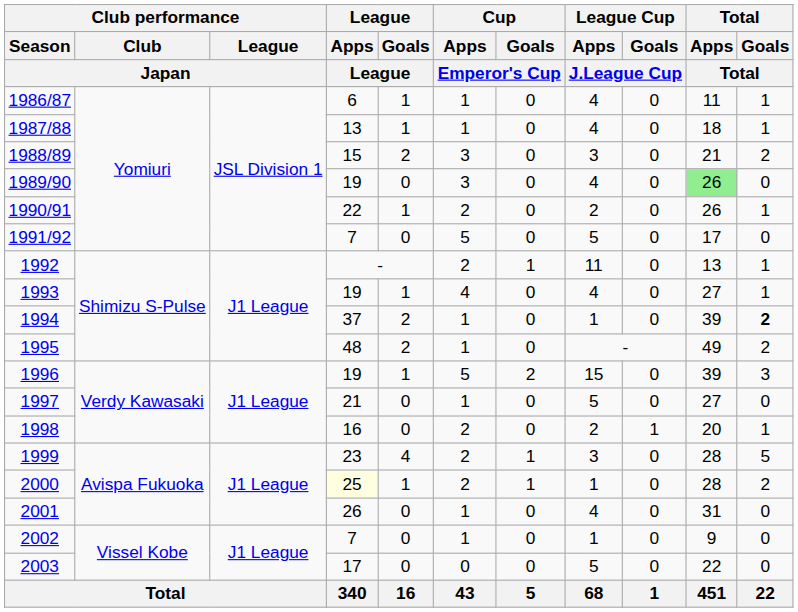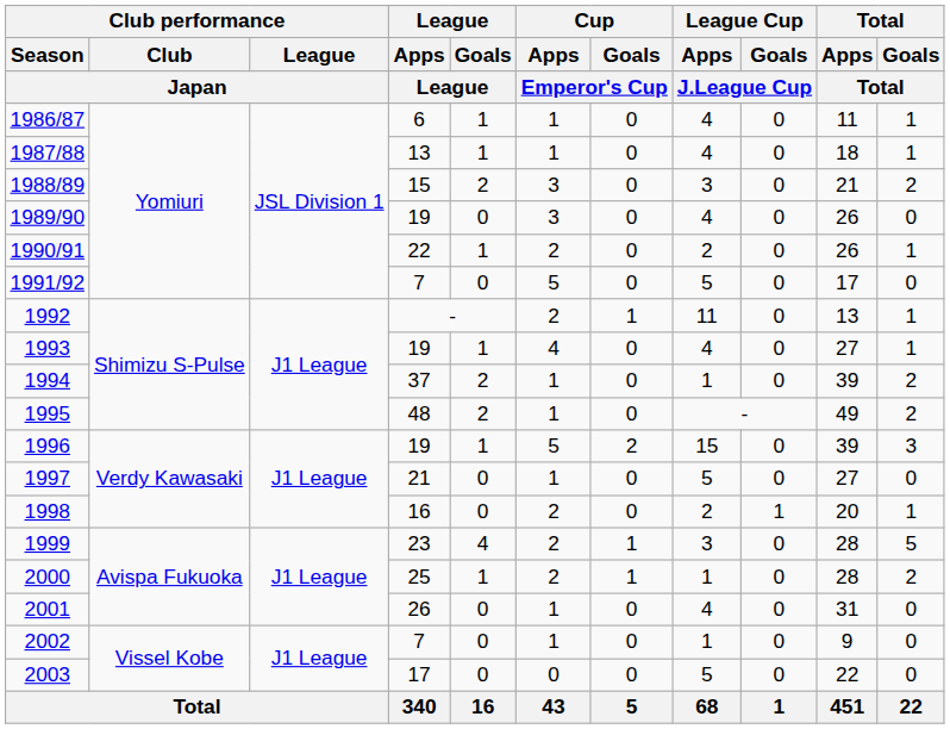 <table class="wikitable" style="text-align:center;">
 <tr>
 <th colspan=3>Club performance</th>
 <th colspan=2>League</th>
 <th colspan=2>Cup</th>
 <th colspan=2>League Cup</th>
 <th colspan=2>Total</th>
 </tr>
 <tr>
 <th>Season</th>
 <th>Club</th>
 <th>League</th>
 <th>Apps</th>
 <th>Goals</th>
 <th>Apps</th>
 <th>Goals</th>
 <th>Apps</th>
 <th>Goals</th>
 <th>Apps</th>
 <th>Goals</th>
 </tr>
 <tr>
 <th colspan=3>Japan</th>
 <th colspan=2>League</th>
 <th colspan=2><a href='#'>Emperor's Cup</a></th>
 <th colspan=2><a href='#'>J.League Cup</a></th>
 <th colspan=2>Total</th>
 </tr>
 <tr>
 <td><a href='#'>1986/87</a></td>
 <td rowspan="6"><a href='#'>Yomiuri</a></td>
 <td rowspan="6"><a href='#'>JSL Division 1</a></td>
 <td>6</td>
 <td>1</td>
 <td>1</td>
 <td>0</td>
 <td>4</td>
 <td>0</td>
 <td>11</td>
 <td>1</td>
 </tr>
 <tr>
 <td><a href='#'>1987/88</a></td>
 <td>13</td>
 <td>1</td>
 <td>1</td>
 <td>0</td>
 <td>4</td>
 <td>0</td>
 <td>18</td>
 <td>1</td>
 </tr>
 <tr>
 <td><a href='#'>1988/89</a></td>
 <td>15</td>
 <td>2</td>
 <td>3</td>
 <td>0</td>
 <td>3</td>
 <td>0</td>
 <td>21</td>
 <td>2</td>
 </tr>
 <tr>
 <td><a href='#'>1989/90</a></td>
 <td>19</td>
 <td>0</td>
 <td>3</td>
 <td>0</td>
 <td>4</td>
 <td>0</td>
-<td style="background: lightgreen;">26</td>
+<td>26</td>
 <td>0</td>
 </tr>
 <tr>
 <td><a href='#'>1990/91</a></td>
 <td>22</td>
 <td>1</td>
 <td>2</td>
 <td>0</td>
 <td>2</td>
 <td>0</td>
 <td>26</td>
 <td>1</td>
 </tr>
 <tr>
 <td><a href='#'>1991/92</a></td>
 <td>7</td>
 <td>0</td>
 <td>5</td>
 <td>0</td>
 <td>5</td>
 <td>0</td>
 <td>17</td>
 <td>0</td>
 </tr>
 <tr>
 <td><a href='#'>1992</a></td>
 <td rowspan="4"><a href='#'>Shimizu S-Pulse</a></td>
 <td rowspan="4"><a href='#'>J1 League</a></td>
 <td colspan="2">-</td>
 <td>2</td>
 <td>1</td>
 <td>11</td>
 <td>0</td>
 <td>13</td>
 <td>1</td>
 </tr>
 <tr>
 <td><a href='#'>1993</a></td>
 <td>19</td>
 <td>1</td>
 <td>4</td>
 <td>0</td>
 <td>4</td>
 <td>0</td>
 <td>27</td>
 <td>1</td>
 </tr>
 <tr>
 <td><a href='#'>1994</a></td>
 <td>37</td>
 <td>2</td>
 <td>1</td>
 <td>0</td>
 <td>1</td>
 <td>0</td>
 <td>39</td>
-<td><strong>2</strong></td>
+<td>2</td>
 </tr>
 <tr>
 <td><a href='#'>1995</a></td>
 <td>48</td>
 <td>2</td>
 <td>1</td>
 <td>0</td>
 <td colspan="2">-</td>
 <td>49</td>
 <td>2</td>
 </tr>
 <tr>
 <td><a href='#'>1996</a></td>
 <td rowspan="3"><a href='#'>Verdy Kawasaki</a></td>
 <td rowspan="3"><a href='#'>J1 League</a></td>
 <td>19</td>
 <td>1</td>
 <td>5</td>
 <td>2</td>
 <td>15</td>
 <td>0</td>
 <td>39</td>
 <td>3</td>
 </tr>
 <tr>
 <td><a href='#'>1997</a></td>
 <td>21</td>
 <td>0</td>
 <td>1</td>
 <td>0</td>
 <td>5</td>
 <td>0</td>
 <td>27</td>
 <td>0</td>
 </tr>
 <tr>
 <td><a href='#'>1998</a></td>
 <td>16</td>
 <td>0</td>
 <td>2</td>
 <td>0</td>
 <td>2</td>
 <td>1</td>
 <td>20</td>
 <td>1</td>
 </tr>
 <tr>
 <td><a href='#'>1999</a></td>
 <td rowspan="3"><a href='#'>Avispa Fukuoka</a></td>
 <td rowspan="3"><a href='#'>J1 League</a></td>
 <td>23</td>
 <td>4</td>
 <td>2</td>
 <td>1</td>
 <td>3</td>
 <td>0</td>
 <td>28</td>
 <td>5</td>
 </tr>
 <tr>
 <td><a href='#'>2000</a></td>
-<td style="background: lightyellow;">25</td>
+<td>25</td>
 <td>1</td>
 <td>2</td>
 <td>1</td>
 <td>1</td>
 <td>0</td>
 <td>28</td>
 <td>2</td>
 </tr>
 <tr>
 <td><a href='#'>2001</a></td>
 <td>26</td>
 <td>0</td>
 <td>1</td>
 <td>0</td>
 <td>4</td>
 <td>0</td>
 <td>31</td>
 <td>0</td>
 </tr>
 <tr>
 <td><a href='#'>2002</a></td>
 <td rowspan="2"><a href='#'>Vissel Kobe</a></td>
 <td rowspan="2"><a href='#'>J1 League</a></td>
 <td>7</td>
 <td>0</td>
 <td>1</td>
 <td>0</td>
 <td>1</td>
 <td>0</td>
 <td>9</td>
 <td>0</td>
 </tr>
 <tr>
 <td><a href='#'>2003</a></td>
 <td>17</td>
 <td>0</td>
 <td>0</td>
 <td>0</td>
 <td>5</td>
 <td>0</td>
 <td>22</td>
 <td>0</td>
 </tr>
 <tr>
 <th colspan=3>Total</th>
 <th>340</th>
 <th>16</th>
 <th>43</th>
 <th>5</th>
 <th>68</th>
 <th>1</th>
 <th>451</th>
 <th>22</th>
 </tr>
 </table>
